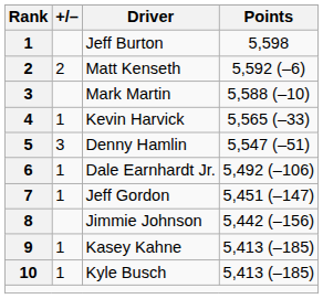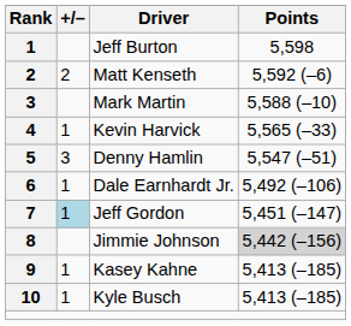 <table class="wikitable">
 <tr>
 </tr>
 <tr>
 <th scope="col">Rank</th>
 <th scope="col">+/–</th>
 <th scope="col">Driver</th>
 <th scope="col">Points</th>
 </tr>
 <tr>
 <th scope="row">1</th>
 <td align="left"></td>
 <td>Jeff Burton</td>
 <td style="text-align:center;">5,598</td>
 </tr>
 <tr>
 <th scope="row">2</th>
 <td align="left"> 2</td>
 <td>Matt Kenseth</td>
 <td style="text-align:center;">5,592 (–6)</td>
 </tr>
 <tr>
 <th scope="row">3</th>
 <td align="left"></td>
 <td>Mark Martin</td>
 <td style="text-align:center;">5,588 (–10)</td>
 </tr>
 <tr>
 <th scope="row">4</th>
 <td align="left"> 1</td>
 <td>Kevin Harvick</td>
 <td style="text-align:center;">5,565 (–33)</td>
 </tr>
 <tr>
 <th scope="row">5</th>
 <td align="left"> 3</td>
 <td>Denny Hamlin</td>
 <td style="text-align:center;">5,547 (–51)</td>
 </tr>
 <tr>
 <th scope="row">6</th>
 <td align="left"> 1</td>
 <td>Dale Earnhardt Jr.</td>
 <td style="text-align:center;">5,492 (–106)</td>
 </tr>
 <tr>
 <th scope="row">7</th>
-<td align="left"> 1</td>
+<td align="left" style="background: lightblue;"> 1</td>
 <td>Jeff Gordon</td>
 <td style="text-align:center;">5,451 (–147)</td>
 </tr>
 <tr>
 <th scope="row">8</th>
 <td align="left"></td>
 <td>Jimmie Johnson</td>
-<td style="text-align:center;">5,442 (–156)</td>
+<td style="background: lightgrey; text-align:center;">5,442 (–156)</td>
 </tr>
 <tr>
 <th scope="row">9</th>
 <td align="left"> 1</td>
 <td>Kasey Kahne</td>
 <td style="text-align:center;">5,413 (–185)</td>
 </tr>
 <tr>
 <th scope="row">10</th>
 <td align="left"> 1</td>
 <td>Kyle Busch</td>
 <td style="text-align:center;">5,413 (–185)</td>
 </tr>
 <tr class="sortbottom">
 <td colspan="9"></td>
 </tr>
 </table>
